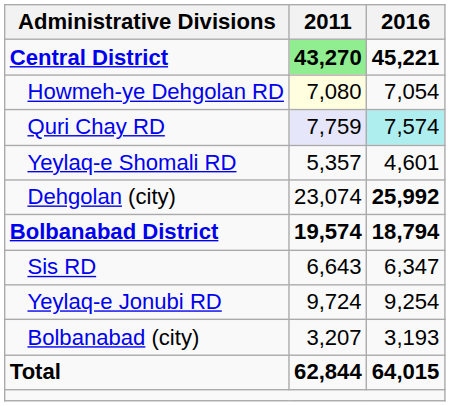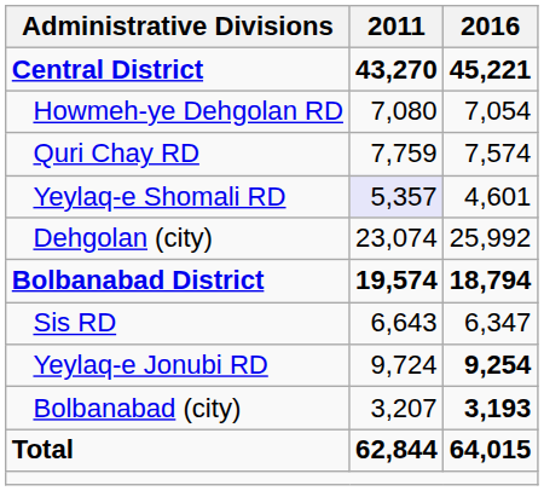 <table class="wikitable">
 <tr>
 <th>Administrative Divisions</th>
 <th>2011</th>
 <th>2016</th>
 </tr>
 <tr>
 <td><strong><a href='#'>Central District</a></strong></td>
-<td style="background: lightgreen; text-align: right;"><strong>43,270</strong></td>
+<td style="text-align: right;"><strong>43,270</strong></td>
 <td style="text-align: right;"><strong>45,221</strong></td>
 </tr>
 <tr>
 <td style="padding-left: 1em;"><a href='#'>Howmeh-ye Dehgolan RD</a></td>
-<td style="background: lightyellow; text-align: right;">7,080</td>
+<td style="text-align: right;">7,080</td>
 <td style="text-align: right;">7,054</td>
 </tr>
 <tr>
 <td style="padding-left: 1em;"><a href='#'>Quri Chay RD</a></td>
-<td style="background: lavender; text-align: right;">7,759</td>
-<td style="background: paleturquoise; text-align: right;">7,574</td>
+<td style="text-align: right;">7,759</td>
+<td style="text-align: right;">7,574</td>
 </tr>
 <tr>
 <td style="padding-left: 1em;"><a href='#'>Yeylaq-e Shomali RD</a></td>
-<td style="text-align: right;">5,357</td>
+<td style="background: lavender; text-align: right;">5,357</td>
 <td style="text-align: right;">4,601</td>
 </tr>
 <tr>
 <td style="padding-left: 1em;"><a href='#'>Dehgolan</a> (city)</td>
 <td style="text-align: right;">23,074</td>
-<td style="text-align: right;"><strong>25,992</strong></td>
+<td style="text-align: right;">25,992</td>
 </tr>
 <tr>
 <td><strong><a href='#'>Bolbanabad District</a></strong></td>
 <td style="text-align: right;"><strong>19,574</strong></td>
 <td style="text-align: right;"><strong>18,794</strong></td>
 </tr>
 <tr>
 <td style="padding-left: 1em;"><a href='#'>Sis RD</a></td>
 <td style="text-align: right;">6,643</td>
 <td style="text-align: right;">6,347</td>
 </tr>
 <tr>
 <td style="padding-left: 1em;"><a href='#'>Yeylaq-e Jonubi RD</a></td>
 <td style="text-align: right;">9,724</td>
-<td style="text-align: right;">9,254</td>
+<td style="text-align: right;"><strong>9,254</strong></td>
 </tr>
 <tr>
 <td style="padding-left: 1em;"><a href='#'>Bolbanabad</a> (city)</td>
 <td style="text-align: right;">3,207</td>
-<td style="text-align: right;">3,193</td>
+<td style="text-align: right;"><strong>3,193</strong></td>
 </tr>
 <tr>
 <td><strong>Total</strong></td>
 <td style="text-align: right;"><strong>62,844</strong></td>
 <td style="text-align: right;"><strong>64,015</strong></td>
 </tr>
 <tr>
 <td colspan=4></td>
 </tr>
 </table>
